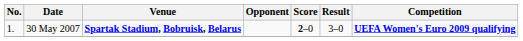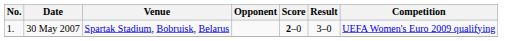 <table class="wikitable">
 <tr>
 <th>No.</th>
 <th>Date</th>
 <th>Venue</th>
 <th>Opponent</th>
 <th>Score</th>
 <th>Result</th>
 <th>Competition</th>
 </tr>
 <tr>
 <td>1.</td>
 <td>30 May 2007</td>
-<td><strong><a href='#'>Spartak Stadium</a>, <a href='#'>Bobruisk</a>, <a href='#'>Belarus</a></strong></td>
+<td><a href='#'>Spartak Stadium</a>, <a href='#'>Bobruisk</a>, <a href='#'>Belarus</a></td>
 <td></td>
 <td align=center><strong>2</strong>–0</td>
 <td align=center>3–0</td>
-<td><strong><a href='#'>UEFA Women's Euro 2009 qualifying</a></strong></td>
+<td><a href='#'>UEFA Women's Euro 2009 qualifying</a></td>
 </tr>
 <tr>
 </tr>
 </table>
